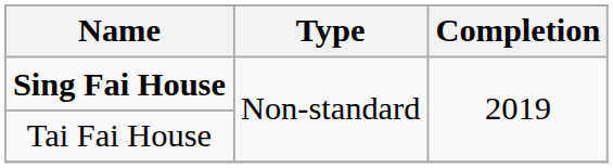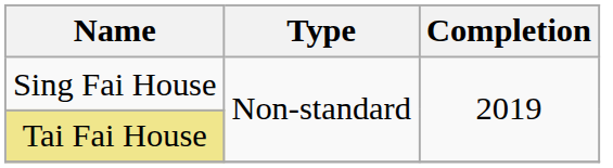 <table class="wikitable" style="text-align: center">
 <tr>
 <th>Name</th>
 <th>Type</th>
 <th>Completion</th>
 </tr>
 <tr>
-<td><strong>Sing Fai House</strong></td>
+<td>Sing Fai House</td>
 <td rowspan="2">Non-standard</td>
 <td rowspan="2">2019</td>
 </tr>
 <tr>
-<td>Tai Fai House</td>
+<td style="background: khaki;">Tai Fai House</td>
 </tr>
 <tr>
 </tr>
 </table>
